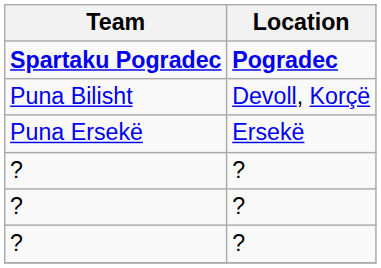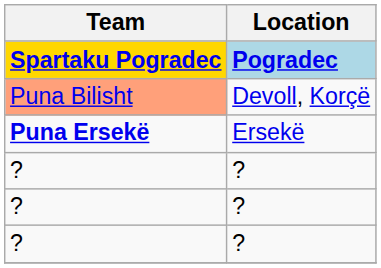 <table class="wikitable sortable">
 <tr>
 <th>Team</th>
 <th>Location</th>
 </tr>
 <tr>
-<td><strong><a href='#'>Spartaku Pogradec</a></strong></td>
-<td><strong><a href='#'>Pogradec</a></strong></td>
+<td style="background: gold;"><strong><a href='#'>Spartaku Pogradec</a></strong></td>
+<td style="background: lightblue;"><strong><a href='#'>Pogradec</a></strong></td>
 </tr>
 <tr>
-<td><a href='#'>Puna Bilisht</a></td>
+<td style="background: lightsalmon;"><a href='#'>Puna Bilisht</a></td>
 <td><a href='#'>Devoll</a>, <a href='#'>Korçë</a></td>
 </tr>
 <tr>
-<td><a href='#'>Puna Ersekë</a></td>
+<td><strong><a href='#'>Puna Ersekë</a></strong></td>
 <td><a href='#'>Ersekë</a></td>
 </tr>
 <tr>
 <td>?</td>
 <td>?</td>
 </tr>
 <tr>
 <td>?</td>
 <td>?</td>
 </tr>
 <tr>
 <td>?</td>
 <td>?</td>
 </tr>
 <tr>
 </tr>
 </table>
